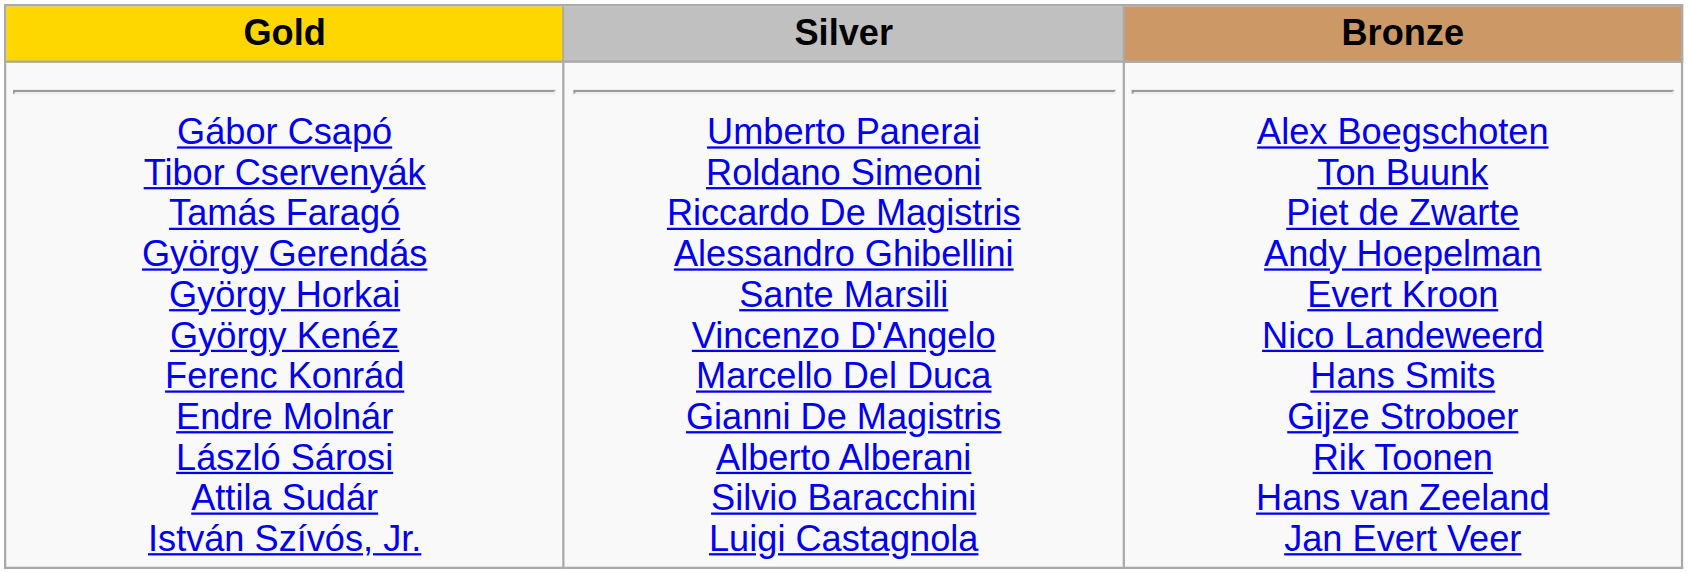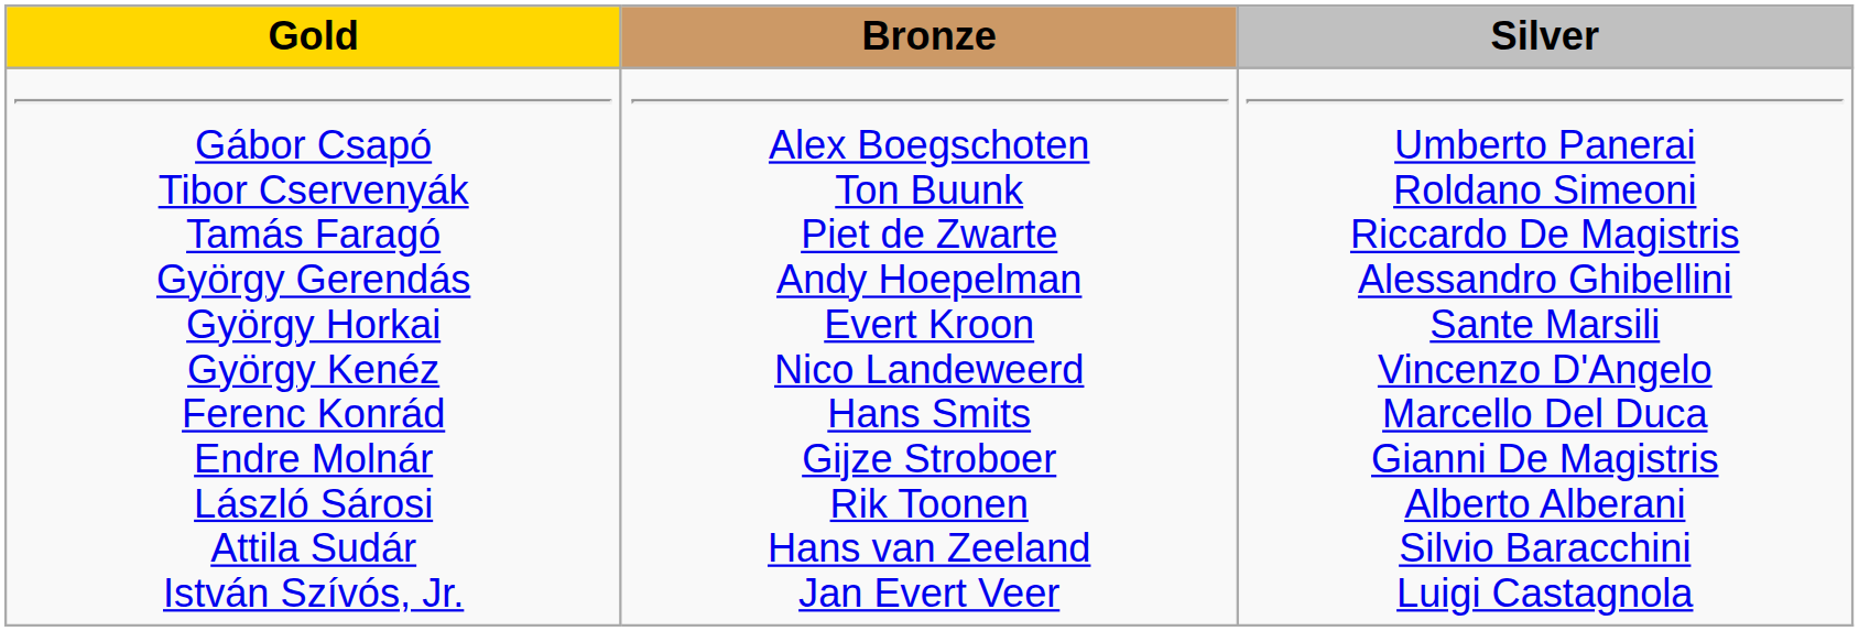 <table class="wikitable">
 <tr align="center">
 <td style="width: 15em" bgcolor="gold"><strong>Gold</strong></td>
+<td style="width: 15em" bgcolor="CC9966"><strong>Bronze</strong></td>
 <td style="width: 15em" bgcolor="silver"><strong>Silver</strong></td>
-<td style="width: 15em" bgcolor="CC9966"><strong>Bronze</strong></td>
 </tr>
 <tr valign="top" align="center">
 <td><hr><a href='#'>Gábor Csapó</a><br><a href='#'>Tibor Cservenyák</a><br><a href='#'>Tamás Faragó</a><br><a href='#'>György Gerendás</a><br><a href='#'>György Horkai</a><br><a href='#'>György Kenéz</a><br><a href='#'>Ferenc Konrád</a><br><a href='#'>Endre Molnár</a><br><a href='#'>László Sárosi</a><br><a href='#'>Attila Sudár</a><br><a href='#'>István Szívós, Jr.</a></td>
+<td><hr><a href='#'>Alex Boegschoten</a><br><a href='#'>Ton Buunk</a><br><a href='#'>Piet de Zwarte</a><br><a href='#'>Andy Hoepelman</a><br><a href='#'>Evert Kroon</a><br><a href='#'>Nico Landeweerd</a><br><a href='#'>Hans Smits</a><br><a href='#'>Gijze Stroboer</a><br><a href='#'>Rik Toonen</a><br><a href='#'>Hans van Zeeland</a><br><a href='#'>Jan Evert Veer</a></td>
 <td><hr><a href='#'>Umberto Panerai</a><br><a href='#'>Roldano Simeoni</a><br><a href='#'>Riccardo De Magistris</a><br><a href='#'>Alessandro Ghibellini</a><br><a href='#'>Sante Marsili</a><br><a href='#'>Vincenzo D'Angelo</a><br><a href='#'>Marcello Del Duca</a><br><a href='#'>Gianni De Magistris</a><br><a href='#'>Alberto Alberani</a><br><a href='#'>Silvio Baracchini</a><br><a href='#'>Luigi Castagnola</a></td>
-<td><hr><a href='#'>Alex Boegschoten</a><br><a href='#'>Ton Buunk</a><br><a href='#'>Piet de Zwarte</a><br><a href='#'>Andy Hoepelman</a><br><a href='#'>Evert Kroon</a><br><a href='#'>Nico Landeweerd</a><br><a href='#'>Hans Smits</a><br><a href='#'>Gijze Stroboer</a><br><a href='#'>Rik Toonen</a><br><a href='#'>Hans van Zeeland</a><br><a href='#'>Jan Evert Veer</a></td>
 </tr>
 </table>
